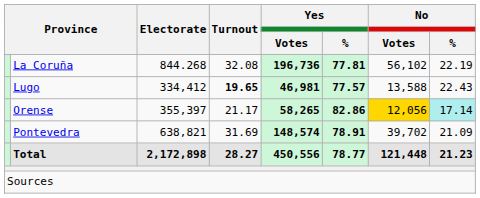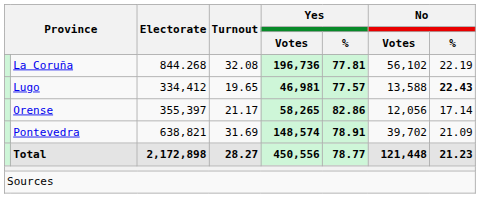 <table class="wikitable sortable" style="text-align:right; line-height:20px;">
 <tr>
 <th width="150" colspan="2" rowspan="3">Province</th>
 <th rowspan="3">Electorate</th>
 <th rowspan="3">Turnout</th>
 <th width="120" colspan="2">Yes</th>
 <th width="120" colspan="2">No</th>
 </tr>
 <tr>
 <th colspan="2" style="background:#088A29;"></th>
 <th colspan="2" style="background:#E90000;"></th>
 </tr>
 <tr>
 <th>Votes</th>
 <th>%</th>
 <th>Votes</th>
 <th>%</th>
 </tr>
 <tr>
 <td width="1" style="color:inherit;background:#CEF6D8;"></td>
 <td align="left"><a href='#'>La Coruña</a></td>
 <td>844.268</td>
 <td>32.08</td>
 <td style="background:#CEF6D8;"><strong>196,736</strong></td>
 <td style="background:#CEF6D8;"><strong>77.81</strong></td>
 <td>56,102</td>
 <td>22.19</td>
 </tr>
 <tr>
 <td style="color:inherit;background:#CEF6D8;"></td>
 <td align="left"><a href='#'>Lugo</a></td>
 <td>334,412</td>
-<td><strong>19.65</strong></td>
+<td>19.65</td>
 <td style="background:#CEF6D8;"><strong>46,981</strong></td>
 <td style="background:#CEF6D8;"><strong>77.57</strong></td>
 <td>13,588</td>
-<td>22.43</td>
+<td><strong>22.43</strong></td>
 </tr>
 <tr>
 <td style="color:inherit;background:#CEF6D8;"></td>
 <td align="left"><a href='#'>Orense</a></td>
 <td>355,397</td>
 <td>21.17</td>
 <td style="background:#CEF6D8;"><strong>58,265</strong></td>
 <td style="background:#CEF6D8;"><strong>82.86</strong></td>
-<td style="background: gold;">12,056</td>
-<td style="background: paleturquoise;">17.14</td>
+<td>12,056</td>
+<td>17.14</td>
 </tr>
 <tr>
 <td style="color:inherit;background:#CEF6D8;"></td>
 <td align="left"><a href='#'>Pontevedra</a></td>
 <td>638,821</td>
 <td>31.69</td>
 <td style="background:#CEF6D8;"><strong>148,574</strong></td>
 <td style="background:#CEF6D8;"><strong>78.91</strong></td>
 <td>39,702</td>
 <td>21.09</td>
 </tr>
 <tr style="font-weight:bold;background:#E4E4E4;">
 <td style="color:inherit;background:#CEF6D8;"></td>
 <td align="left">Total</td>
 <td>2,172,898</td>
 <td>28.27</td>
 <td style="background:#CEF6D8;">450,556</td>
 <td style="background:#CEF6D8;">78.77</td>
 <td>121,448</td>
 <td>21.23</td>
 </tr>
 <tr>
 <th colspan="8"></th>
 </tr>
 <tr>
 <th style="text-align:left; font-weight:normal; background:#F9F9F9" colspan="8">Sources</th>
 </tr>
 </table>
